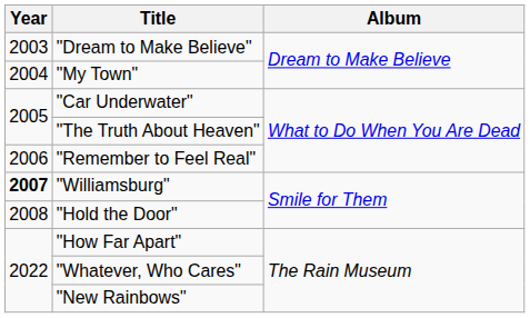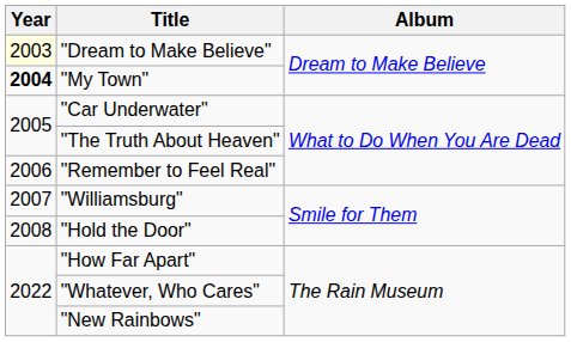 <table class="wikitable">
 <tr>
 <th>Year</th>
 <th>Title</th>
 <th>Album</th>
 </tr>
 <tr>
-<td>2003</td>
+<td style="background: lightyellow;">2003</td>
 <td>"Dream to Make Believe"</td>
 <td rowspan="2"><em><a href='#'>Dream to Make Believe</a></em></td>
 </tr>
 <tr>
-<td>2004</td>
+<td><strong>2004</strong></td>
 <td>"My Town"</td>
 </tr>
 <tr>
 <td rowspan="2">2005</td>
 <td>"Car Underwater"</td>
 <td rowspan="3"><em><a href='#'>What to Do When You Are Dead</a></em></td>
 </tr>
 <tr>
 <td>"The Truth About Heaven"</td>
 </tr>
 <tr>
 <td>2006</td>
 <td>"Remember to Feel Real"</td>
 </tr>
 <tr>
-<td><strong>2007</strong></td>
+<td>2007</td>
 <td>"Williamsburg"</td>
 <td rowspan="2"><em><a href='#'>Smile for Them</a></em></td>
 </tr>
 <tr>
 <td>2008</td>
 <td>"Hold the Door"</td>
 </tr>
 <tr>
 <td rowspan="3">2022</td>
 <td>"How Far Apart"</td>
 <td rowspan="3"><em>The Rain Museum</em></td>
 </tr>
 <tr>
 <td>"Whatever, Who Cares"</td>
 </tr>
 <tr>
 <td>"New Rainbows"</td>
 </tr>
 </table>
